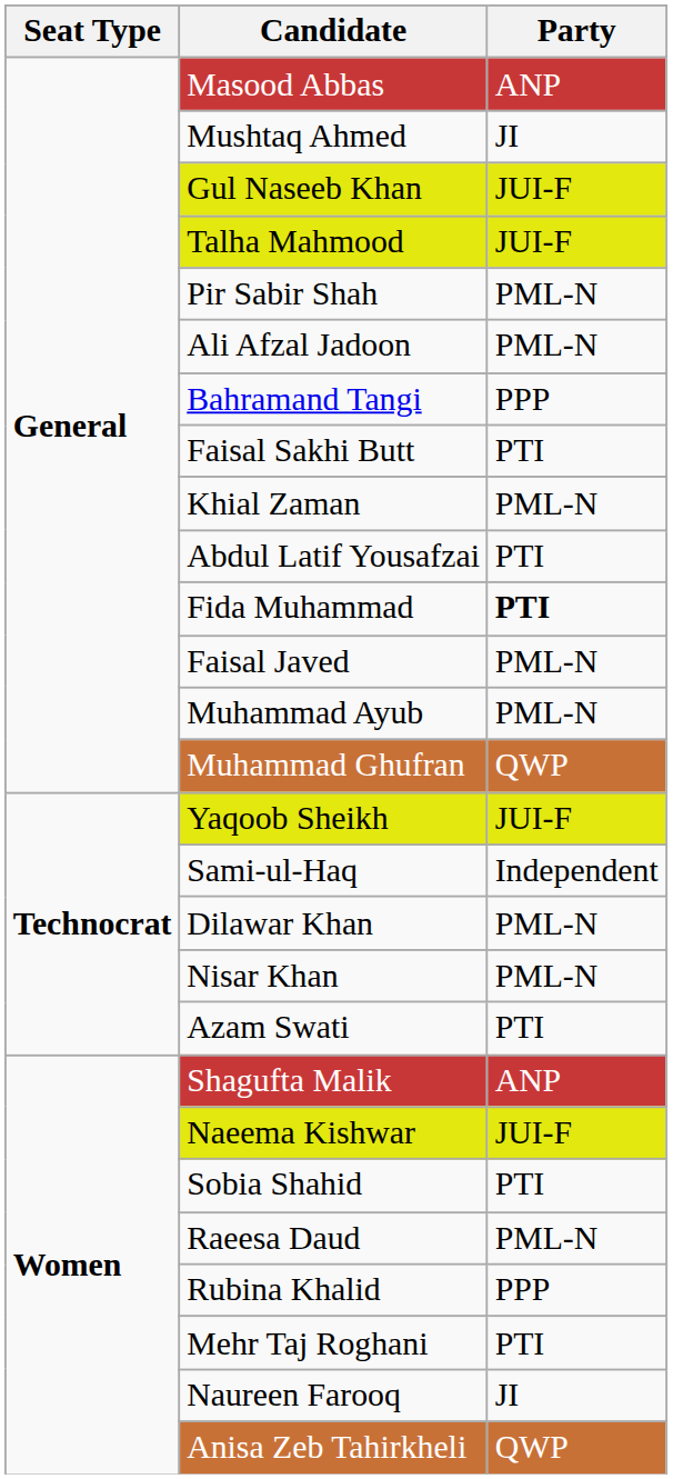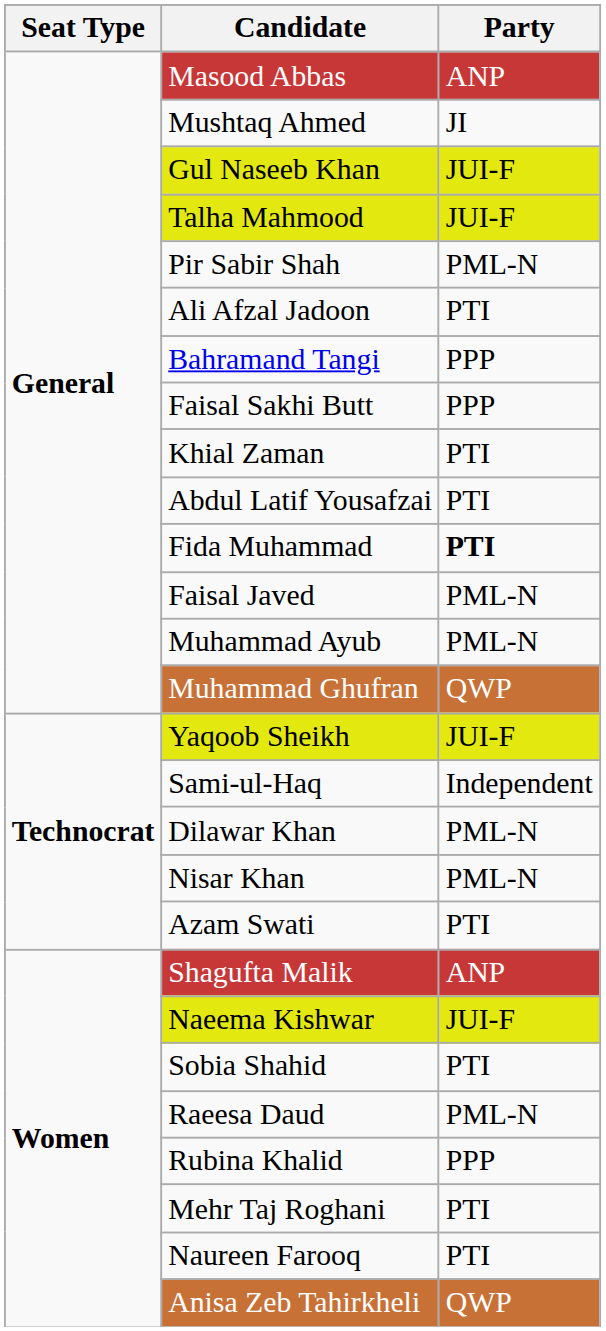 <table class="wikitable">
 <tr>
 <th>Seat Type</th>
 <th>Candidate</th>
 <th>Party</th>
 </tr>
 <tr>
 <td rowspan="14"><strong>General</strong></td>
 <td style="background:#c83737;color:white">Masood Abbas</td>
 <td style="background:#c83737;color:white">ANP</td>
 </tr>
 <tr>
 <td style="background:">Mushtaq Ahmed</td>
 <td style="background:">JI</td>
 </tr>
 <tr>
 <td style="background:#E3E80F">Gul Naseeb Khan</td>
 <td style="background:#E3E80F">JUI-F</td>
 </tr>
 <tr>
 <td style="background:#E3E80F">Talha Mahmood</td>
 <td style="background:#E3E80F">JUI-F</td>
 </tr>
 <tr>
 <td style="background:">Pir Sabir Shah</td>
 <td style="background:">PML-N</td>
 </tr>
 <tr>
 <td style="background:">Ali Afzal Jadoon</td>
-<td style="background:">PML-N</td>
+<td style="background:">PTI</td>
 </tr>
 <tr>
 <td style="background:"><a href='#'>Bahramand Tangi</a></td>
 <td style="background:">PPP</td>
 </tr>
 <tr>
 <td style="background:">Faisal Sakhi Butt</td>
-<td style="background:">PTI</td>
+<td style="background:">PPP</td>
 </tr>
 <tr>
 <td style="background:">Khial Zaman</td>
-<td style="background:">PML-N</td>
+<td style="background:">PTI</td>
 </tr>
 <tr>
 <td style="background:">Abdul Latif Yousafzai</td>
 <td style="background:">PTI</td>
 </tr>
 <tr>
 <td style="background:">Fida Muhammad</td>
 <td style="background:"><strong>PTI</strong></td>
 </tr>
 <tr>
 <td style="background:">Faisal Javed</td>
 <td style="background:">PML-N</td>
 </tr>
 <tr>
 <td style="background:">Muhammad Ayub</td>
 <td style="background:">PML-N</td>
 </tr>
 <tr>
 <td style="background:#c87137;color:white">Muhammad Ghufran</td>
 <td style="background:#c87137;color:white">QWP</td>
 </tr>
 <tr>
 <td rowspan="5"><strong>Technocrat</strong></td>
 <td style="background:#E3E80F">Yaqoob Sheikh</td>
 <td style="background:#E3E80F">JUI-F</td>
 </tr>
 <tr>
 <td style="background:">Sami-ul-Haq</td>
 <td style="background:">Independent</td>
 </tr>
 <tr>
 <td style="background:">Dilawar Khan</td>
 <td style="background:">PML-N</td>
 </tr>
 <tr>
 <td style="background:">Nisar Khan</td>
 <td style="background:">PML-N</td>
 </tr>
 <tr>
 <td style="background:">Azam Swati</td>
 <td style="background:">PTI</td>
 </tr>
 <tr>
 <td rowspan="8"><strong>Women</strong></td>
 <td style="background:#c83737;color:white">Shagufta Malik</td>
 <td style="background:#c83737;color:white">ANP</td>
 </tr>
 <tr>
 <td style="background:#E3E80F">Naeema Kishwar</td>
 <td style="background:#E3E80F">JUI-F</td>
 </tr>
 <tr>
 <td style="background:">Sobia Shahid</td>
 <td style="background:">PTI</td>
 </tr>
 <tr>
 <td style="background:">Raeesa Daud</td>
 <td style="background:">PML-N</td>
 </tr>
 <tr>
 <td style="background:">Rubina Khalid</td>
 <td style="background:">PPP</td>
 </tr>
 <tr>
 <td style="background:">Mehr Taj Roghani</td>
 <td style="background:">PTI</td>
 </tr>
 <tr>
 <td style="background:">Naureen Farooq</td>
-<td style="background:">JI</td>
+<td style="background:">PTI</td>
 </tr>
 <tr>
 <td style="background:#c87137;color:white">Anisa Zeb Tahirkheli</td>
 <td style="background:#c87137;color:white">QWP</td>
 </tr>
 </table>
